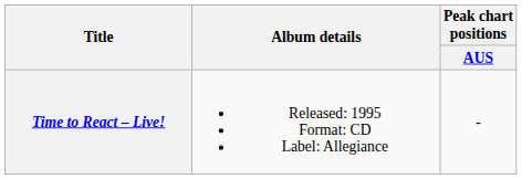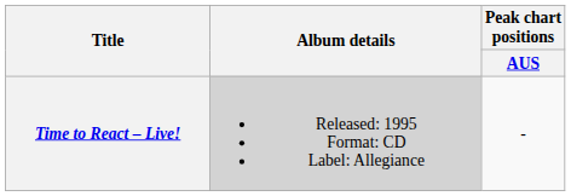 <table class="wikitable plainrowheaders" style="text-align:center;" border="1">
 <tr>
 <th scope="col" rowspan="2" style="width:12em;">Title</th>
 <th scope="col" rowspan="2" style="width:16em;">Album details</th>
 <th scope="col" colspan="1">Peak chart<br>positions</th>
 </tr>
 <tr>
 <th scope="col" style="text-align:center;"><a href='#'>AUS</a><br></th>
 </tr>
 <tr>
 <th scope="row"><em><a href='#'>Time to React – Live!</a></em></th>
-<td><br><ul><li>Released: 1995</li><li>Format: CD</li><li>Label: Allegiance</li></ul></td>
+<td style="background: lightgrey;"><br><ul><li>Released: 1995</li><li>Format: CD</li><li>Label: Allegiance</li></ul></td>
 <td align="center">-</td>
 </tr>
 </table>
